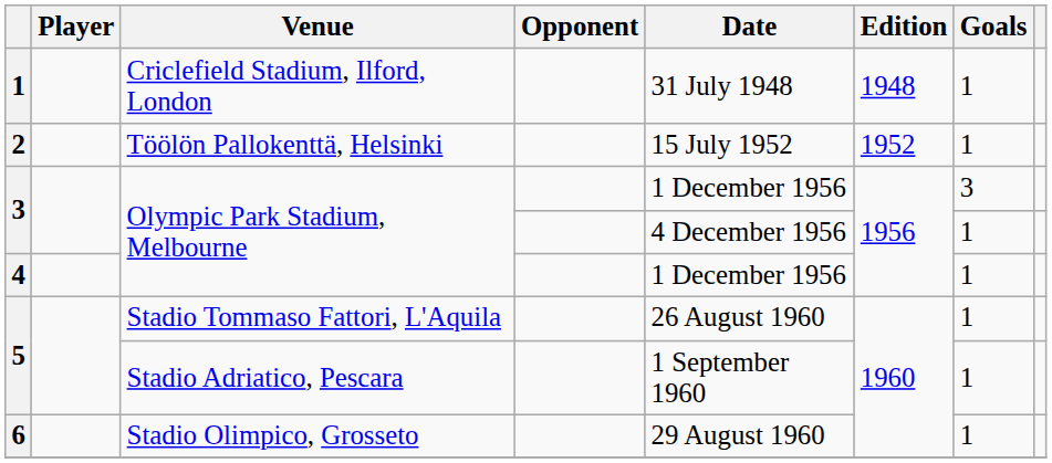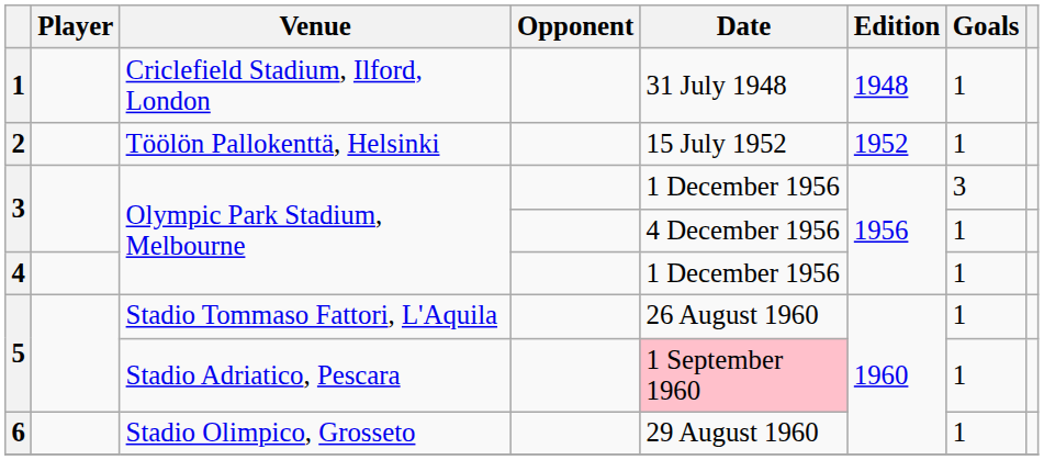 <table class="wikitable sortable" style="text-align:centre;">
 <tr>
 <th scope=col data-sort-type="number"></th>
 <th scope=col>Player</th>
 <th scope=col>Venue</th>
 <th scope=col>Opponent</th>
 <th scope=col>Date</th>
 <th scope=col>Edition</th>
 <th scope=col data-sort-type="number">Goals</th>
 <th scope="col" class=unsortable></th>
 </tr>
 <tr>
 <th scope=row>1</th>
 <td></td>
 <td><a href='#'>Criclefield Stadium</a>, <a href='#'>Ilford, London</a></td>
 <td></td>
 <td>31 July 1948</td>
 <td><a href='#'>1948</a></td>
 <td>1</td>
 <td></td>
 </tr>
 <tr>
 <th scope=row>2</th>
 <td></td>
 <td><a href='#'>Töölön Pallokenttä</a>, <a href='#'>Helsinki</a></td>
 <td></td>
 <td>15 July 1952</td>
 <td><a href='#'>1952</a></td>
 <td>1</td>
 <td></td>
 </tr>
 <tr>
 <th scope=row rowspan="2">3</th>
 <td rowspan="2"></td>
 <td rowspan="3"><a href='#'>Olympic Park Stadium</a>, <a href='#'>Melbourne</a></td>
 <td></td>
 <td>1 December 1956</td>
 <td rowspan="3"><a href='#'>1956</a></td>
 <td>3</td>
 <td></td>
 </tr>
 <tr>
 <td></td>
 <td>4 December 1956</td>
 <td>1</td>
 <td></td>
 </tr>
 <tr>
 <th scope=row>4</th>
 <td></td>
 <td></td>
 <td>1 December 1956</td>
 <td>1</td>
 <td></td>
 </tr>
 <tr>
 <th scope=row rowspan="2">5</th>
 <td rowspan="2"></td>
 <td><a href='#'>Stadio Tommaso Fattori</a>, <a href='#'>L'Aquila</a></td>
 <td></td>
 <td>26 August 1960</td>
 <td rowspan="3"><a href='#'>1960</a></td>
 <td>1</td>
 <td></td>
 </tr>
 <tr>
 <td><a href='#'>Stadio Adriatico</a>, <a href='#'>Pescara</a></td>
 <td></td>
-<td>1 September 1960</td>
+<td style="background: pink;">1 September 1960</td>
 <td>1</td>
 <td></td>
 </tr>
 <tr>
 <th scope=row>6</th>
 <td></td>
 <td><a href='#'>Stadio Olimpico</a>, <a href='#'>Grosseto</a></td>
 <td></td>
 <td>29 August 1960</td>
 <td>1</td>
 <td></td>
 </tr>
 <tr>
 </tr>
 </table>
